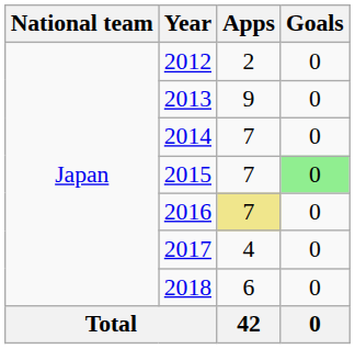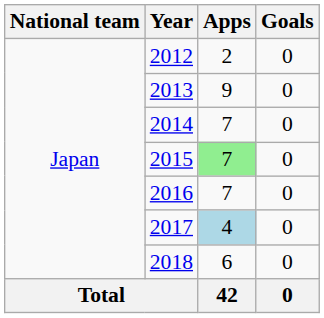 <table class="wikitable" style="text-align:center">
 <tr>
 <th>National team</th>
 <th>Year</th>
 <th>Apps</th>
 <th>Goals</th>
 </tr>
 <tr>
 <td rowspan="7"><a href='#'>Japan</a></td>
 <td><a href='#'>2012</a></td>
 <td>2</td>
 <td>0</td>
 </tr>
 <tr>
 <td><a href='#'>2013</a></td>
 <td>9</td>
 <td>0</td>
 </tr>
 <tr>
 <td><a href='#'>2014</a></td>
 <td>7</td>
 <td>0</td>
 </tr>
 <tr>
 <td><a href='#'>2015</a></td>
-<td>7</td>
-<td style="background: lightgreen;">0</td>
+<td style="background: lightgreen;">7</td>
+<td>0</td>
 </tr>
 <tr>
 <td><a href='#'>2016</a></td>
-<td style="background: khaki;">7</td>
+<td>7</td>
 <td>0</td>
 </tr>
 <tr>
 <td><a href='#'>2017</a></td>
-<td>4</td>
+<td style="background: lightblue;">4</td>
 <td>0</td>
 </tr>
 <tr>
 <td><a href='#'>2018</a></td>
 <td>6</td>
 <td>0</td>
 </tr>
 <tr>
 <th colspan="2">Total</th>
 <th>42</th>
 <th>0</th>
 </tr>
 </table>
